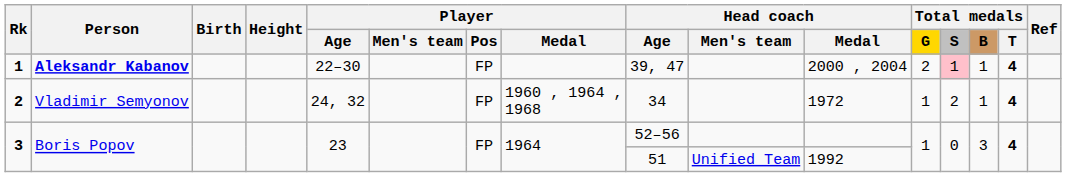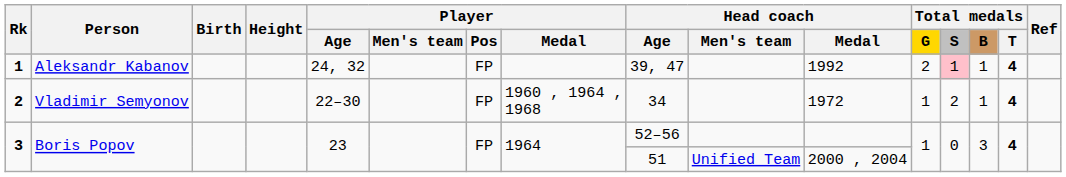 <table class="wikitable sortable" style="text-align: center; font-size: 80%; margin-left: 1em;">
 <tr>
 <th rowspan="2">Rk</th>
 <th rowspan="2">Person</th>
 <th rowspan="2">Birth</th>
 <th rowspan="2">Height</th>
 <th colspan="4">Player</th>
 <th colspan="3">Head coach</th>
 <th colspan="4">Total medals</th>
 <th rowspan="2" class="unsortable">Ref</th>
 </tr>
 <tr>
 <th>Age</th>
 <th>Men's team</th>
 <th>Pos</th>
 <th>Medal</th>
 <th>Age</th>
 <th>Men's team</th>
 <th>Medal</th>
 <th style="background-color: gold;">G</th>
 <th style="background-color: silver;">S</th>
 <th style="background-color: #cc9966;">B</th>
 <th>T</th>
 </tr>
 <tr>
 <td><strong>1</strong></td>
-<td style="text-align: left;" data-sort-value="Kabanov, Aleksandr"><strong><a href='#'>Aleksandr Kabanov</a></strong></td>
+<td style="text-align: left;" data-sort-value="Kabanov, Aleksandr"><a href='#'>Aleksandr Kabanov</a></td>
 <td></td>
 <td></td>
-<td>22–30</td>
+<td>24, 32</td>
 <td style="text-align: left;"></td>
 <td>FP</td>
 <td style="text-align: left;"></td>
 <td>39, 47</td>
 <td style="text-align: left;"></td>
-<td style="text-align: left;">2000 , 2004 </td>
+<td style="text-align: left;">1992 </td>
 <td>2</td>
 <td style="background: pink;">1</td>
 <td>1</td>
 <td><strong>4</strong></td>
 <td><br></td>
 </tr>
 <tr>
 <td><strong>2</strong></td>
 <td style="text-align: left;" data-sort-value="Semyonov, Vladimir"><a href='#'>Vladimir Semyonov</a></td>
 <td></td>
 <td></td>
-<td>24, 32</td>
+<td>22–30</td>
 <td style="text-align: left;"></td>
 <td>FP</td>
 <td style="text-align: left;">1960 , 1964 ,<br>1968 </td>
 <td>34</td>
 <td style="text-align: left;"></td>
 <td style="text-align: left;">1972 </td>
 <td>1</td>
 <td>2</td>
 <td>1</td>
 <td><strong>4</strong></td>
 <td></td>
 </tr>
 <tr>
 <td rowspan="2"><strong>3</strong></td>
 <td rowspan="2" style="text-align: left;" data-sort-value="Popov, Boris"><a href='#'>Boris Popov</a></td>
 <td rowspan="2"></td>
 <td rowspan="2"></td>
 <td rowspan="2">23</td>
 <td rowspan="2" style="text-align: left;"></td>
 <td rowspan="2">FP</td>
 <td rowspan="2" style="text-align: left;">1964 </td>
 <td>52–56</td>
 <td style="text-align: left;"></td>
 <td style="text-align: left;"></td>
 <td rowspan="2">1</td>
 <td rowspan="2">0</td>
 <td rowspan="2">3</td>
 <td rowspan="2"><strong>4</strong></td>
 <td rowspan="2"><br></td>
 </tr>
 <tr>
 <td>51</td>
 <td style="text-align: left;"> <a href='#'>Unified Team</a></td>
-<td style="text-align: left;">1992 </td>
+<td style="text-align: left;">2000 , 2004 </td>
 </tr>
 </table>
